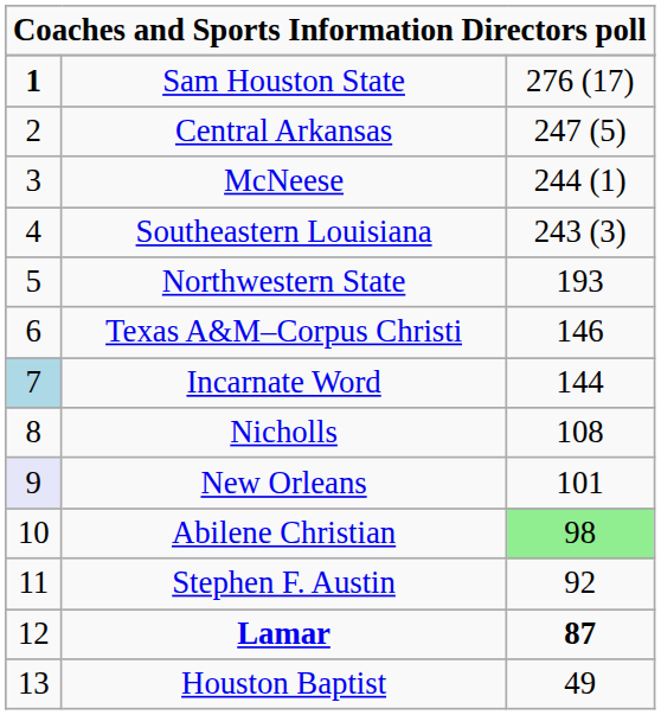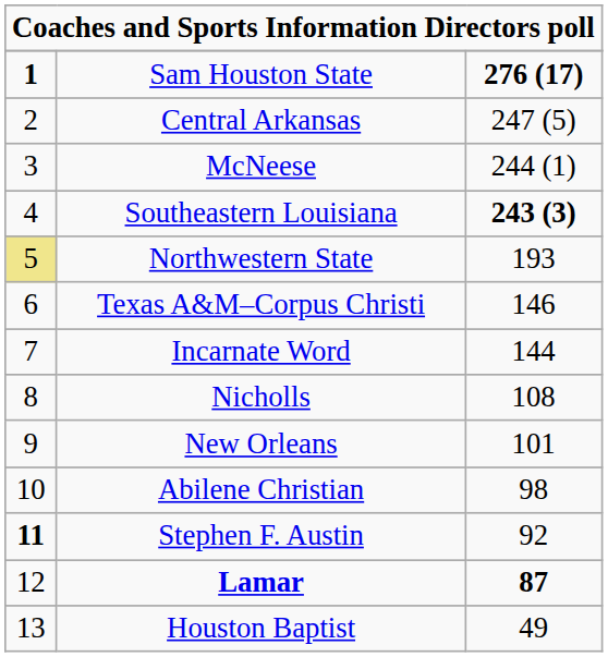 <table class="wikitable">
 <tr align="center">
 <td align="center" Colspan="3"><strong>Coaches and Sports Information Directors poll</strong></td>
 </tr>
 <tr align="center">
 </tr>
 <tr align="center">
 <td><strong>1</strong></td>
 <td><a href='#'>Sam Houston State</a></td>
-<td>276 (17)</td>
+<td><strong>276 (17)</strong></td>
 </tr>
 <tr align="center">
 <td>2</td>
 <td><a href='#'>Central Arkansas</a></td>
 <td>247 (5)</td>
 </tr>
 <tr align="center">
 <td>3</td>
 <td><a href='#'>McNeese</a></td>
 <td>244 (1)</td>
 </tr>
 <tr align="center">
 <td>4</td>
 <td><a href='#'>Southeastern Louisiana</a></td>
-<td>243 (3)</td>
+<td><strong>243 (3)</strong></td>
 </tr>
 <tr align="center">
-<td>5</td>
+<td style="background: khaki;">5</td>
 <td><a href='#'>Northwestern State</a></td>
 <td>193</td>
 </tr>
 <tr align="center">
 <td>6</td>
 <td><a href='#'>Texas A&M–Corpus Christi</a></td>
 <td>146</td>
 </tr>
 <tr align="center">
-<td style="background: lightblue;">7</td>
+<td>7</td>
 <td><a href='#'>Incarnate Word</a></td>
 <td>144</td>
 </tr>
 <tr align="center">
 <td>8</td>
 <td><a href='#'>Nicholls</a></td>
 <td>108</td>
 </tr>
 <tr align="center">
-<td style="background: lavender;">9</td>
+<td>9</td>
 <td><a href='#'>New Orleans</a></td>
 <td>101</td>
 </tr>
 <tr align="center">
 <td>10</td>
 <td><a href='#'>Abilene Christian</a></td>
-<td style="background: lightgreen;">98</td>
+<td>98</td>
 </tr>
 <tr align="center">
-<td>11</td>
+<td><strong>11</strong></td>
 <td><a href='#'>Stephen F. Austin</a></td>
 <td>92</td>
 </tr>
 <tr align="center">
 <td>12</td>
 <td><strong><a href='#'>Lamar</a></strong></td>
 <td><strong>87</strong></td>
 </tr>
 <tr align="center">
 <td>13</td>
 <td><a href='#'>Houston Baptist</a></td>
 <td>49</td>
 </tr>
 </table>
